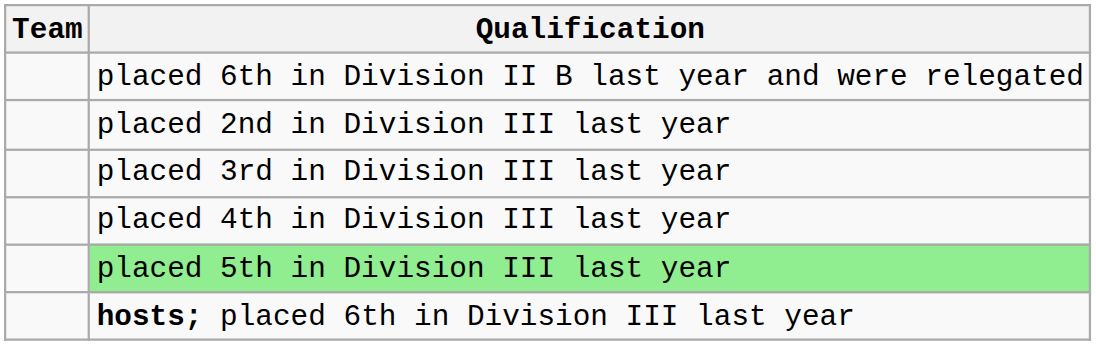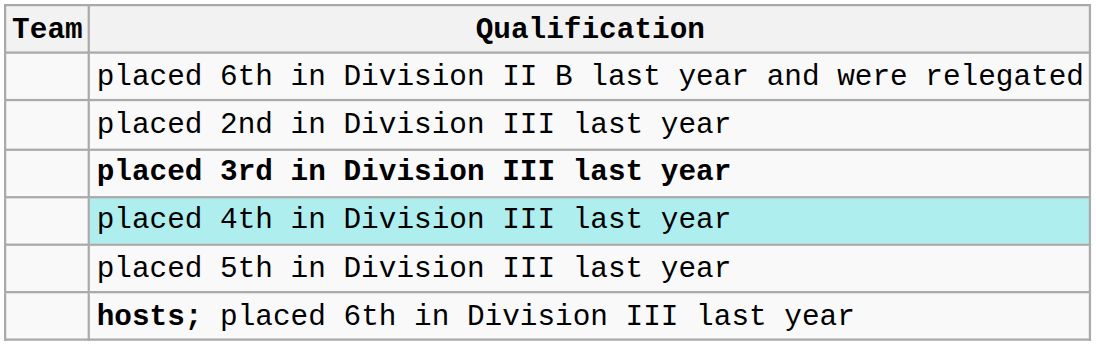 <table class="wikitable">
 <tr>
 <th>Team</th>
 <th>Qualification</th>
 </tr>
 <tr>
 <td></td>
 <td>placed 6th in Division II B last year and were relegated</td>
 </tr>
 <tr>
 <td></td>
 <td>placed 2nd in Division III last year</td>
 </tr>
 <tr>
 <td></td>
-<td>placed 3rd in Division III last year</td>
+<td><strong>placed 3rd in Division III last year</strong></td>
 </tr>
 <tr>
 <td></td>
-<td>placed 4th in Division III last year</td>
+<td style="background: paleturquoise;">placed 4th in Division III last year</td>
 </tr>
 <tr>
 <td></td>
-<td style="background: lightgreen;">placed 5th in Division III last year</td>
+<td>placed 5th in Division III last year</td>
 </tr>
 <tr>
 <td></td>
 <td><strong>hosts;</strong> placed 6th in Division III last year</td>
 </tr>
 </table>
